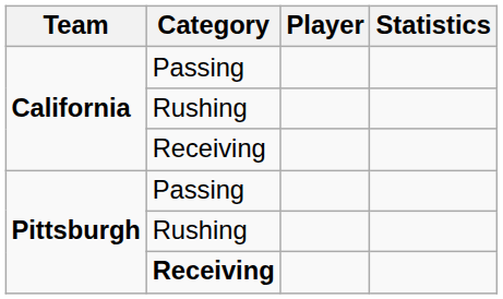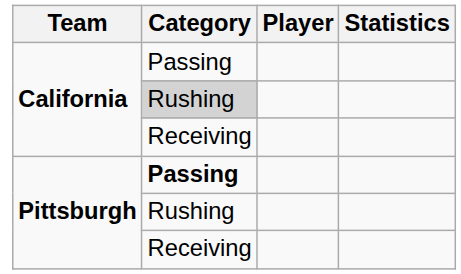 <table class="wikitable" style="float: right;">
 <tr>
 <th>Team</th>
 <th>Category</th>
 <th>Player</th>
 <th>Statistics</th>
 </tr>
 <tr>
 <td rowspan=3><strong>California</strong></td>
 <td>Passing</td>
 <td></td>
 <td></td>
 </tr>
 <tr>
-<td>Rushing</td>
+<td style="background: lightgrey;">Rushing</td>
 <td></td>
 <td></td>
 </tr>
 <tr>
 <td>Receiving</td>
 <td></td>
 <td></td>
 </tr>
 <tr>
 <td rowspan=3><strong>Pittsburgh</strong></td>
-<td>Passing</td>
+<td><strong>Passing</strong></td>
 <td></td>
 <td></td>
 </tr>
 <tr>
 <td>Rushing</td>
 <td></td>
 <td></td>
 </tr>
 <tr>
-<td><strong>Receiving</strong></td>
+<td>Receiving</td>
 <td></td>
 <td></td>
 </tr>
 </table>
